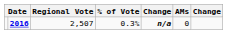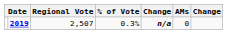 <table class="wikitable sortable" style="text-align: right">
 <tr>
 <th colspan="2">Date</th>
 <th>Regional Vote</th>
 <th>% of Vote</th>
 <th>Change</th>
 <th>AMs</th>
 <th>Change</th>
 </tr>
 <tr>
 <td></td>
-<td><a href='#'><strong>2016</strong></a></td>
+<td><a href='#'><strong>2019</strong></a></td>
 <td>2,507</td>
 <td>0.3%</td>
 <td><strong><em>n/a</em></strong></td>
 <td>0</td>
 <td></td>
 </tr>
 </table>
